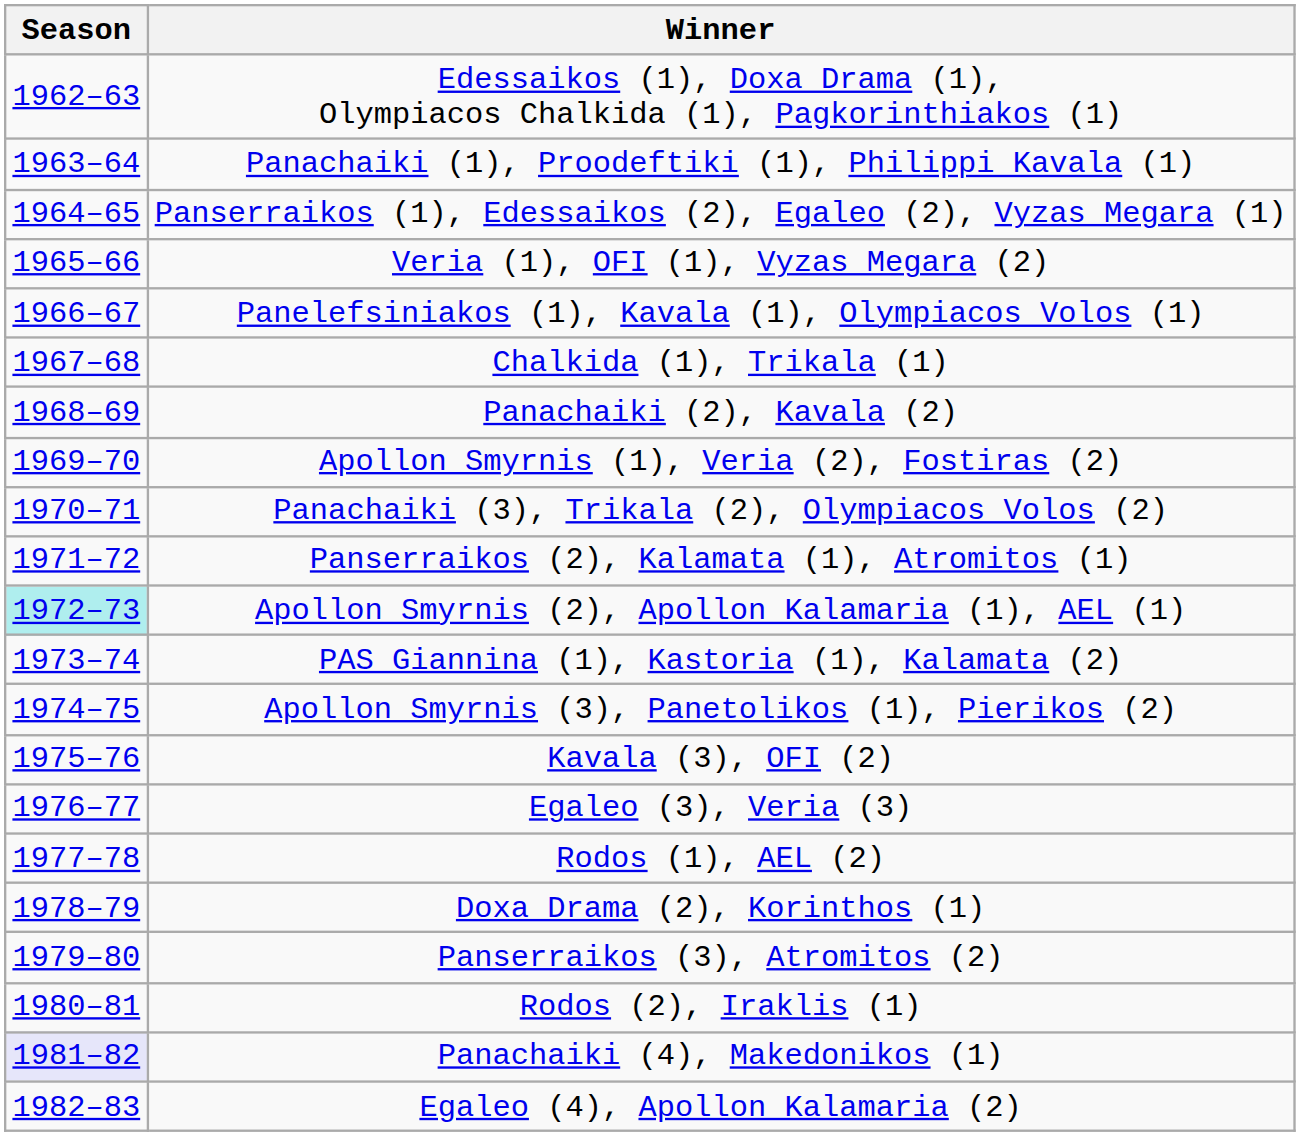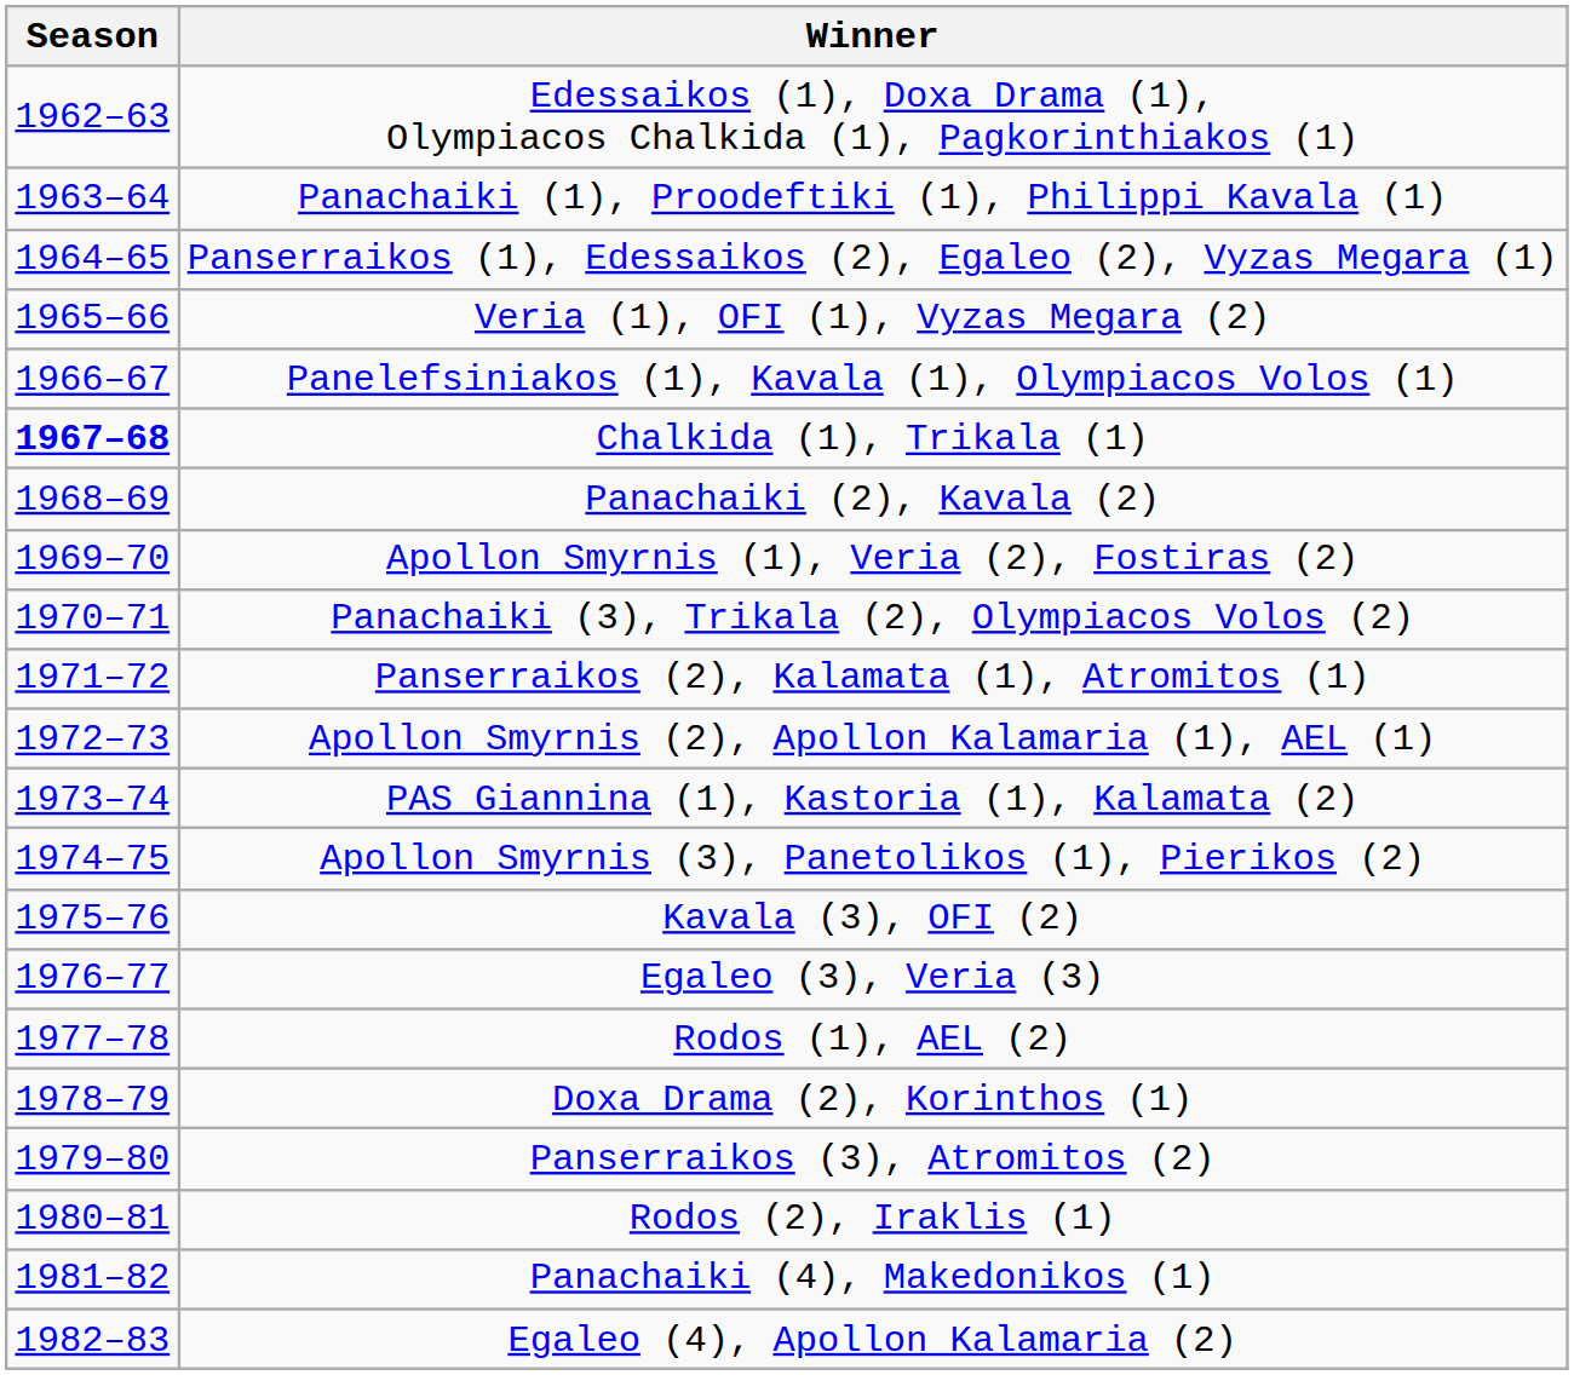 <table class="wikitable" style="text-align:center;">
 <tr>
 <th>Season</th>
 <th>Winner</th>
 </tr>
 <tr>
 <td style="text-align:center;"><a href='#'>1962–63</a></td>
 <td><a href='#'>Edessaikos</a> (1), <a href='#'>Doxa Drama</a> (1), <br> Olympiacos Chalkida (1), <a href='#'>Pagkorinthiakos</a> (1)</td>
 </tr>
 <tr>
 <td style="text-align:center;"><a href='#'>1963–64</a></td>
 <td><a href='#'>Panachaiki</a> (1), <a href='#'>Proodeftiki</a> (1), <a href='#'>Philippi Kavala</a> (1)</td>
 </tr>
 <tr>
 <td style="text-align:center;"><a href='#'>1964–65</a></td>
 <td><a href='#'>Panserraikos</a> (1), <a href='#'>Edessaikos</a> (2), <a href='#'>Egaleo</a> (2), <a href='#'>Vyzas Megara</a> (1)</td>
 </tr>
 <tr>
 <td style="text-align:center;"><a href='#'>1965–66</a></td>
 <td><a href='#'>Veria</a> (1), <a href='#'>OFI</a> (1), <a href='#'>Vyzas Megara</a> (2)</td>
 </tr>
 <tr>
 <td style="text-align:center;"><a href='#'>1966–67</a></td>
 <td><a href='#'>Panelefsiniakos</a> (1), <a href='#'>Kavala</a> (1), <a href='#'>Olympiacos Volos</a> (1)</td>
 </tr>
 <tr>
-<td style="text-align:center;"><a href='#'>1967–68</a></td>
+<td style="text-align:center;"><strong><a href='#'>1967–68</a></strong></td>
 <td><a href='#'>Chalkida</a> (1), <a href='#'>Trikala</a> (1)</td>
 </tr>
 <tr>
 <td style="text-align:center;"><a href='#'>1968–69</a></td>
 <td><a href='#'>Panachaiki</a> (2), <a href='#'>Kavala</a> (2)</td>
 </tr>
 <tr>
 <td style="text-align:center;"><a href='#'>1969–70</a></td>
 <td><a href='#'>Apollon Smyrnis</a> (1), <a href='#'>Veria</a> (2), <a href='#'>Fostiras</a> (2)</td>
 </tr>
 <tr>
 <td style="text-align:center;"><a href='#'>1970–71</a></td>
 <td><a href='#'>Panachaiki</a> (3), <a href='#'>Trikala</a> (2), <a href='#'>Olympiacos Volos</a> (2)</td>
 </tr>
 <tr>
 <td style="text-align:center;"><a href='#'>1971–72</a></td>
 <td><a href='#'>Panserraikos</a> (2), <a href='#'>Kalamata</a> (1), <a href='#'>Atromitos</a> (1)</td>
 </tr>
 <tr>
-<td style="background: paleturquoise; text-align:center;"><a href='#'>1972–73</a></td>
+<td style="text-align:center;"><a href='#'>1972–73</a></td>
 <td><a href='#'>Apollon Smyrnis</a> (2), <a href='#'>Apollon Kalamaria</a> (1), <a href='#'>AEL</a> (1)</td>
 </tr>
 <tr>
 <td style="text-align:center;"><a href='#'>1973–74</a></td>
 <td><a href='#'>PAS Giannina</a> (1), <a href='#'>Kastoria</a> (1), <a href='#'>Kalamata</a> (2)</td>
 </tr>
 <tr>
 <td style="text-align:center;"><a href='#'>1974–75</a></td>
 <td><a href='#'>Apollon Smyrnis</a> (3), <a href='#'>Panetolikos</a> (1), <a href='#'>Pierikos</a> (2)</td>
 </tr>
 <tr>
 <td style="text-align:center;"><a href='#'>1975–76</a></td>
 <td><a href='#'>Kavala</a> (3), <a href='#'>OFI</a> (2)</td>
 </tr>
 <tr>
 <td style="text-align:center;"><a href='#'>1976–77</a></td>
 <td><a href='#'>Egaleo</a> (3), <a href='#'>Veria</a> (3)</td>
 </tr>
 <tr>
 <td style="text-align:center;"><a href='#'>1977–78</a></td>
 <td><a href='#'>Rodos</a> (1), <a href='#'>AEL</a> (2)</td>
 </tr>
 <tr>
 <td style="text-align:center;"><a href='#'>1978–79</a></td>
 <td><a href='#'>Doxa Drama</a> (2), <a href='#'>Korinthos</a> (1)</td>
 </tr>
 <tr>
 <td style="text-align:center;"><a href='#'>1979–80</a></td>
 <td><a href='#'>Panserraikos</a> (3), <a href='#'>Atromitos</a> (2)</td>
 </tr>
 <tr>
 <td style="text-align:center;"><a href='#'>1980–81</a></td>
 <td><a href='#'>Rodos</a> (2), <a href='#'>Iraklis</a> (1)</td>
 </tr>
 <tr>
-<td style="background: lavender; text-align:center;"><a href='#'>1981–82</a></td>
+<td style="text-align:center;"><a href='#'>1981–82</a></td>
 <td><a href='#'>Panachaiki</a> (4), <a href='#'>Makedonikos</a> (1)</td>
 </tr>
 <tr>
 <td style="text-align:center;"><a href='#'>1982–83</a></td>
 <td><a href='#'>Egaleo</a> (4), <a href='#'>Apollon Kalamaria</a> (2)</td>
 </tr>
 </table>
